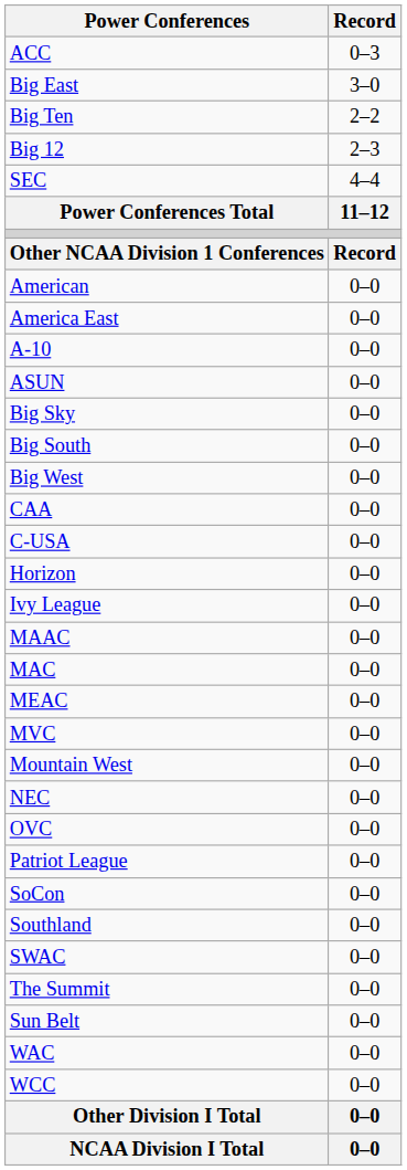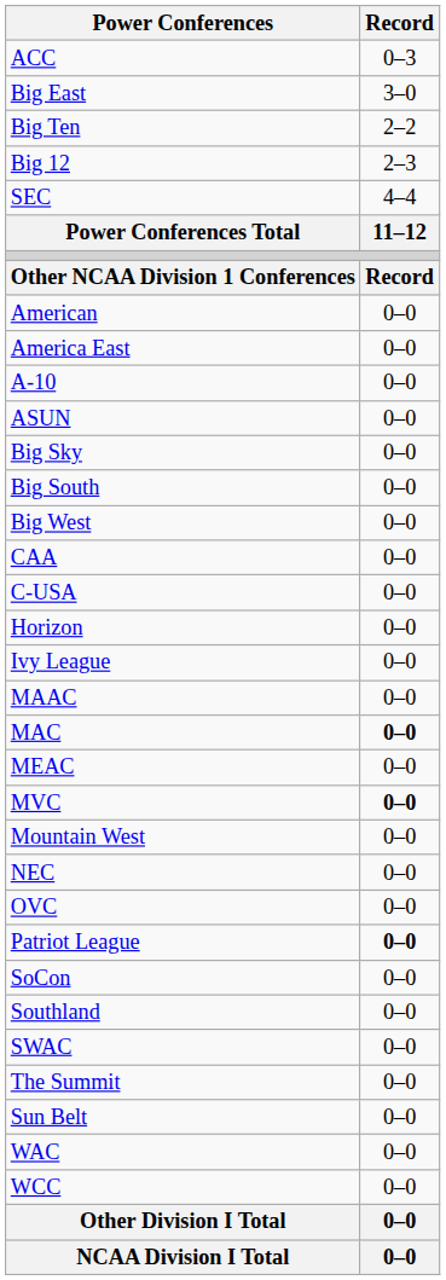 <table class="wikitable">
 <tr>
 <th>Power Conferences</th>
 <th>Record</th>
 </tr>
 <tr>
 <td><a href='#'>ACC</a></td>
 <td align=center>0–3</td>
 </tr>
 <tr>
 <td><a href='#'>Big East</a></td>
 <td align=center>3–0</td>
 </tr>
 <tr>
 <td><a href='#'>Big Ten</a></td>
 <td align=center>2–2</td>
 </tr>
 <tr>
 <td><a href='#'>Big 12</a></td>
 <td align=center>2–3</td>
 </tr>
 <tr>
 <td><a href='#'>SEC</a></td>
 <td align=center>4–4</td>
 </tr>
 <tr>
 <th>Power Conferences Total</th>
 <th>11–12</th>
 </tr>
 <tr>
 <th colspan="2" style="background:lightgrey;"></th>
 </tr>
 <tr>
 <th>Other NCAA Division 1 Conferences</th>
 <th>Record</th>
 </tr>
 <tr>
 <td><a href='#'>American</a></td>
 <td align=center>0–0</td>
 </tr>
 <tr>
 <td><a href='#'>America East</a></td>
 <td align=center>0–0</td>
 </tr>
 <tr>
 <td><a href='#'>A-10</a></td>
 <td align=center>0–0</td>
 </tr>
 <tr>
 <td><a href='#'>ASUN</a></td>
 <td align=center>0–0</td>
 </tr>
 <tr>
 <td><a href='#'>Big Sky</a></td>
 <td align=center>0–0</td>
 </tr>
 <tr>
 <td><a href='#'>Big South</a></td>
 <td align=center>0–0</td>
 </tr>
 <tr>
 <td><a href='#'>Big West</a></td>
 <td align=center>0–0</td>
 </tr>
 <tr>
 <td><a href='#'>CAA</a></td>
 <td align=center>0–0</td>
 </tr>
 <tr>
 <td><a href='#'>C-USA</a></td>
 <td align=center>0–0</td>
 </tr>
 <tr>
 <td><a href='#'>Horizon</a></td>
 <td align=center>0–0</td>
 </tr>
 <tr>
 <td><a href='#'>Ivy League</a></td>
 <td align=center>0–0</td>
 </tr>
 <tr>
 <td><a href='#'>MAAC</a></td>
 <td align=center>0–0</td>
 </tr>
 <tr>
 <td><a href='#'>MAC</a></td>
-<td align=center>0–0</td>
+<td align=center><strong>0–0</strong></td>
 </tr>
 <tr>
 <td><a href='#'>MEAC</a></td>
 <td align=center>0–0</td>
 </tr>
 <tr>
 <td><a href='#'>MVC</a></td>
-<td align=center>0–0</td>
+<td align=center><strong>0–0</strong></td>
 </tr>
 <tr>
 <td><a href='#'>Mountain West</a></td>
 <td align=center>0–0</td>
 </tr>
 <tr>
 <td><a href='#'>NEC</a></td>
 <td align=center>0–0</td>
 </tr>
 <tr>
 <td><a href='#'>OVC</a></td>
 <td align=center>0–0</td>
 </tr>
 <tr>
 <td><a href='#'>Patriot League</a></td>
-<td align=center>0–0</td>
+<td align=center><strong>0–0</strong></td>
 </tr>
 <tr>
 <td><a href='#'>SoCon</a></td>
 <td align=center>0–0</td>
 </tr>
 <tr>
 <td><a href='#'>Southland</a></td>
 <td align=center>0–0</td>
 </tr>
 <tr>
 <td><a href='#'>SWAC</a></td>
 <td align=center>0–0</td>
 </tr>
 <tr>
 <td><a href='#'>The Summit</a></td>
 <td align=center>0–0</td>
 </tr>
 <tr>
 <td><a href='#'>Sun Belt</a></td>
 <td align=center>0–0</td>
 </tr>
 <tr>
 <td><a href='#'>WAC</a></td>
 <td align=center>0–0</td>
 </tr>
 <tr>
 <td><a href='#'>WCC</a></td>
 <td align=center>0–0</td>
 </tr>
 <tr>
 <th>Other Division I Total</th>
 <th>0–0</th>
 </tr>
 <tr>
 <th>NCAA Division I Total</th>
 <th>0–0</th>
 </tr>
 <tr>
 </tr>
 </table>
